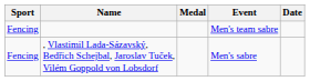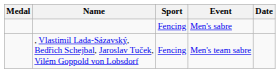 <table class="wikitable sortable" style="font-size:90%">
 <tr>
+<th>Medal</th>
+<th>Name</th>
 <th>Sport</th>
-<th>Name</th>
-<th>Medal</th>
 <th>Event</th>
 <th>Date</th>
 </tr>
 <tr>
-<td><a href='#'>Fencing</a></td>
 <td></td>
 <td></td>
+<td><a href='#'>Fencing</a></td>
+<td><a href='#'>Men's sabre</a></td>
+<td></td>
+</tr>
+<tr>
+<td></td>
+<td>, <a href='#'>Vlastimil Lada-Sázavský</a>,<br><a href='#'>Bedřich Schejbal</a>, <a href='#'>Jaroslav Tuček</a>,<br><a href='#'>Vilém Goppold von Lobsdorf</a></td>
+<td><a href='#'>Fencing</a></td>
 <td><a href='#'>Men's team sabre</a></td>
 <td></td>
 </tr>
-<tr>
-<td><a href='#'>Fencing</a></td>
-<td>, <a href='#'>Vlastimil Lada-Sázavský</a>,<br><a href='#'>Bedřich Schejbal</a>, <a href='#'>Jaroslav Tuček</a>,<br><a href='#'>Vilém Goppold von Lobsdorf</a></td>
-<td></td>
-<td><a href='#'>Men's sabre</a></td>
-<td></td>
-</tr>
 </table>
